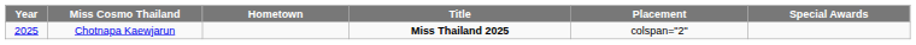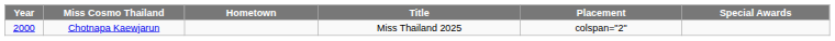 <table class="wikitable sortable" style="font-size: 90%; text-align:center">
 <tr>
 <th width="50" style="background-color:#787878;color:#FFFFFF;">Year</th>
 <th width="200" style="background-color:#787878;color:#FFFFFF;">Miss Cosmo Thailand</th>
 <th width="190" style="background-color:#787878;color:#FFFFFF;">Hometown</th>
 <th width="290" style="background-color:#787878;color:#FFFFFF;">Title</th>
 <th width="230" style="background-color:#787878;color:#FFFFFF;">Placement</th>
 <th width="210" style="background-color:#787878;color:#FFFFFF;">Special Awards</th>
 </tr>
 <tr>
-<td><a href='#'>2025</a></td>
+<td><a href='#'>2000</a></td>
 <td><a href='#'>Chotnapa Kaewjarun</a></td>
 <td></td>
-<td><strong>Miss Thailand 2025</strong></td>
+<td>Miss Thailand 2025</td>
 <td>colspan="2" </td>
 </tr>
 </table>
